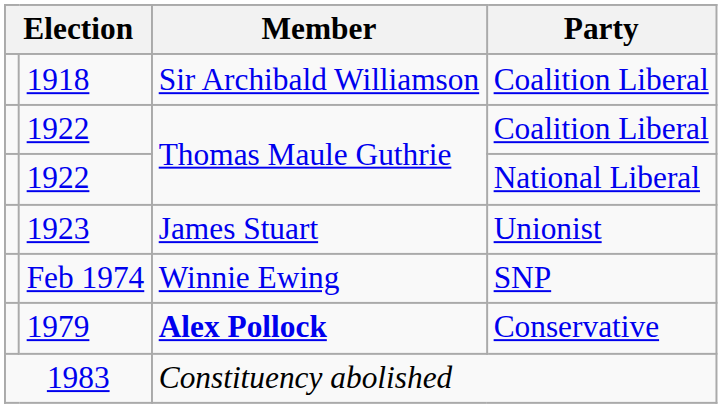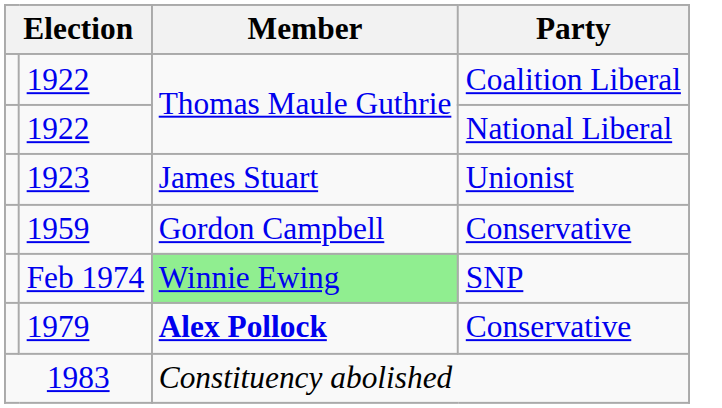 <table class="wikitable">
 <tr>
 <th colspan="2">Election</th>
 <th>Member</th>
 <th>Party</th>
-</tr>
-<tr>
-<td style="color:inherit;background-color: "></td>
-<td><a href='#'>1918</a></td>
-<td><a href='#'>Sir Archibald Williamson</a></td>
-<td><a href='#'>Coalition Liberal</a></td>
 </tr>
 <tr>
 <td style="color:inherit;background-color: "></td>
 <td><a href='#'>1922</a></td>
 <td rowspan="2"><a href='#'>Thomas Maule Guthrie</a></td>
 <td><a href='#'>Coalition Liberal</a></td>
 </tr>
 <tr>
 <td style="color:inherit;background-color: "></td>
 <td><a href='#'>1922</a></td>
 <td><a href='#'>National Liberal</a></td>
 </tr>
 <tr>
 <td style="color:inherit;background-color: "></td>
 <td><a href='#'>1923</a></td>
 <td><a href='#'>James Stuart</a></td>
 <td><a href='#'>Unionist</a></td>
 </tr>
 <tr>
 <td style="color:inherit;background-color: "></td>
+<td><a href='#'>1959</a></td>
+<td><a href='#'>Gordon Campbell</a></td>
+<td><a href='#'>Conservative</a></td>
+</tr>
+<tr>
+<td style="color:inherit;background-color: "></td>
 <td><a href='#'>Feb 1974</a></td>
-<td><a href='#'>Winnie Ewing</a></td>
+<td style="background: lightgreen;"><a href='#'>Winnie Ewing</a></td>
 <td><a href='#'>SNP</a></td>
 </tr>
 <tr>
 <td style="color:inherit;background-color: "></td>
 <td><a href='#'>1979</a></td>
 <td><strong><a href='#'>Alex Pollock</a></strong></td>
 <td><a href='#'>Conservative</a></td>
 </tr>
 <tr>
 <td colspan="2" align="center"><a href='#'>1983</a></td>
 <td colspan="2"><em>Constituency abolished</em></td>
 </tr>
 </table>
